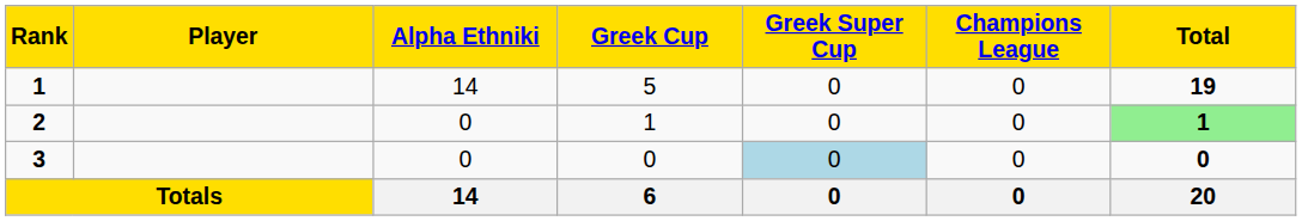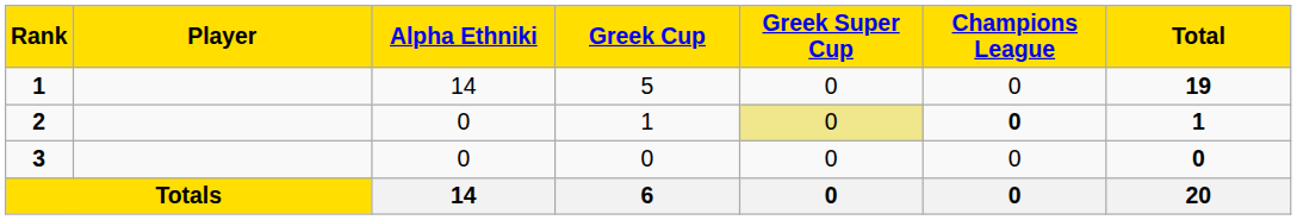 <table class="wikitable sortable" style="text-align:center">
 <tr>
 <th style="background:#FFDE00">Rank</th>
 <th width=200 style="background:#FFDE00">Player</th>
 <th width=120 style="background:#FFDE00"><a href='#'>Alpha Ethniki</a></th>
 <th width=120 style="background:#FFDE00"><a href='#'>Greek Cup</a></th>
 <th width=120 style="background:#FFDE00"><a href='#'>Greek Super Cup</a></th>
 <th width=120 style="background:#FFDE00"><a href='#'>Champions League</a></th>
 <th width=120 style="background:#FFDE00">Total</th>
 </tr>
 <tr>
 <td><strong>1</strong></td>
 <td align=left></td>
 <td>14</td>
 <td>5</td>
 <td>0</td>
 <td>0</td>
 <td><strong>19</strong></td>
 </tr>
 <tr>
 <td><strong>2</strong></td>
 <td align=left></td>
 <td>0</td>
 <td>1</td>
-<td>0</td>
-<td>0</td>
-<td style="background: lightgreen;"><strong>1</strong></td>
+<td style="background: khaki;">0</td>
+<td><strong>0</strong></td>
+<td><strong>1</strong></td>
 </tr>
 <tr>
 <td><strong>3</strong></td>
 <td align=left></td>
 <td>0</td>
 <td>0</td>
-<td style="background: lightblue;">0</td>
+<td>0</td>
 <td>0</td>
 <td><strong>0</strong></td>
 </tr>
 <tr class="sortbottom">
 <th colspan=2 style="background:#FFDE00"><strong>Totals</strong></th>
 <th><strong>14</strong></th>
 <th><strong> 6</strong></th>
 <th><strong> 0</strong></th>
 <th><strong> 0</strong></th>
 <th><strong>20</strong></th>
 </tr>
 </table>
